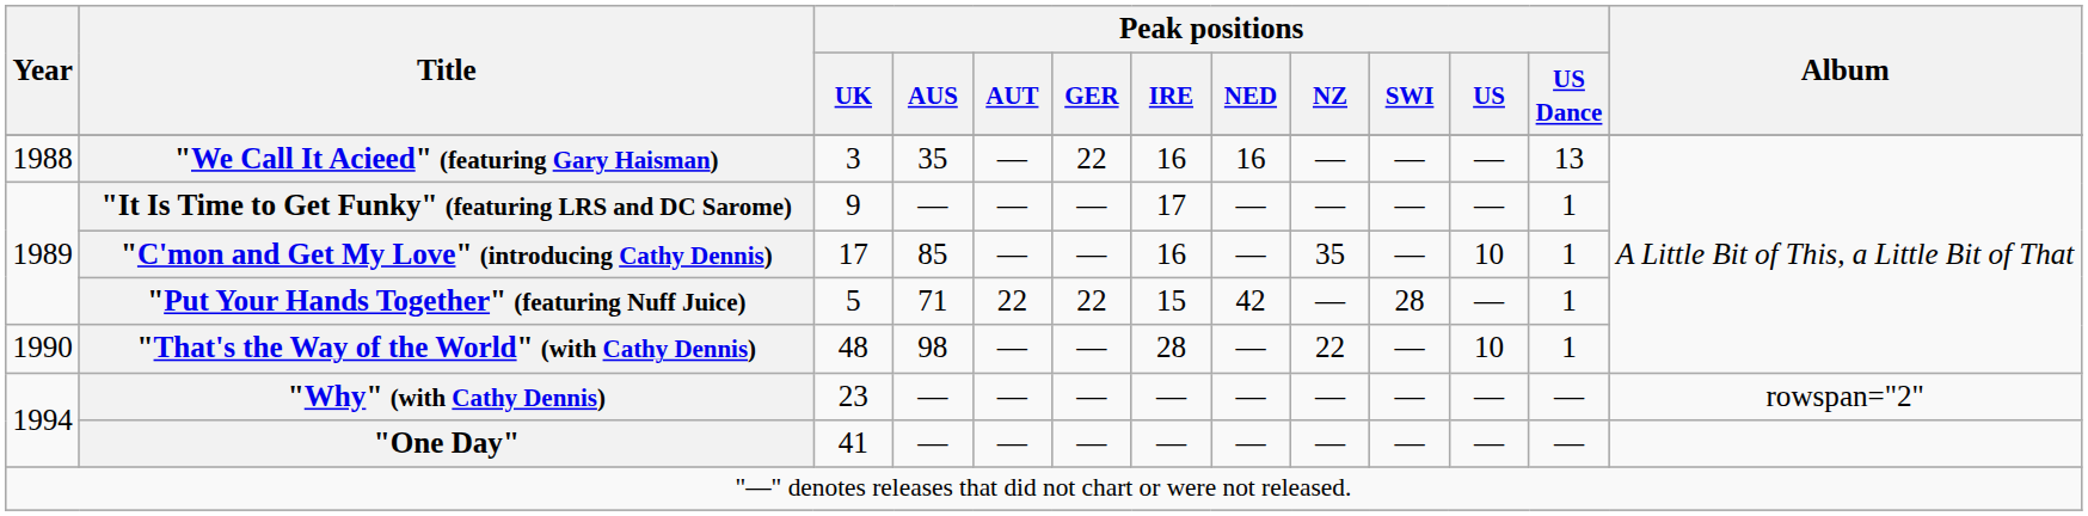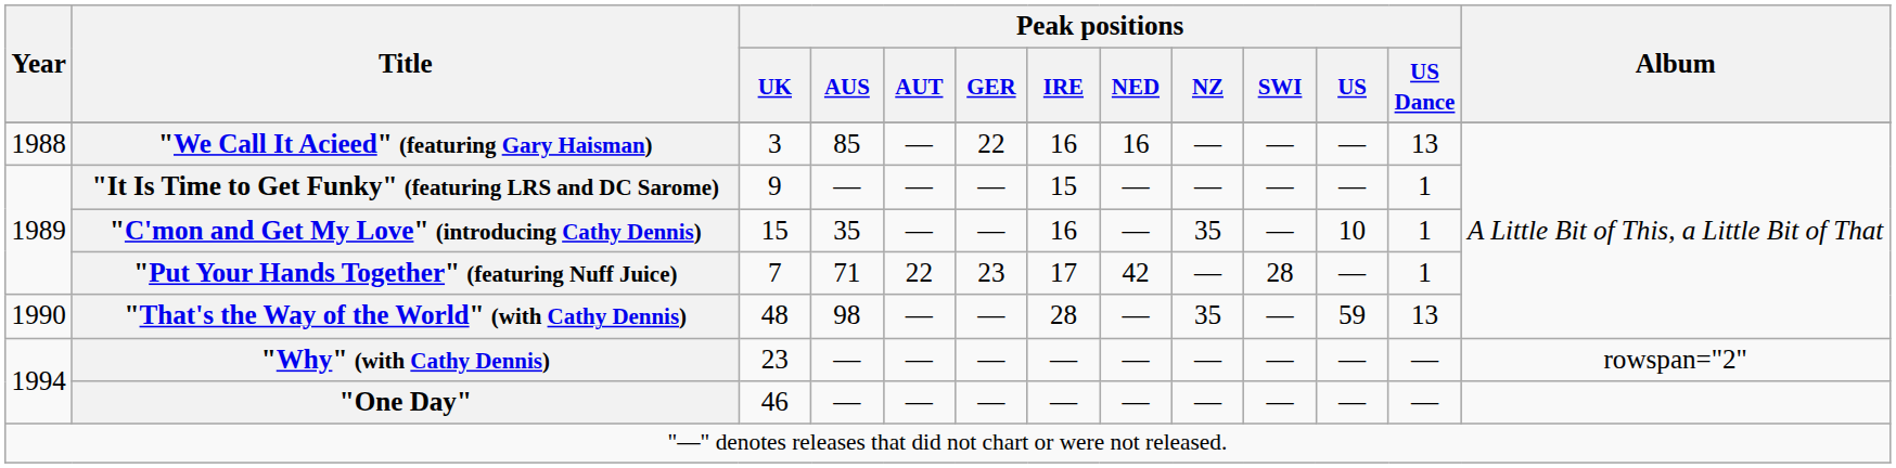 <table class="wikitable plainrowheaders" style="text-align:center;">
 <tr>
 <th scope="col" rowspan="2">Year</th>
 <th scope="col" rowspan="2" style="width:24em;">Title</th>
 <th scope="col" colspan="10">Peak positions</th>
 <th scope="col" rowspan="2">Album</th>
 </tr>
 <tr>
 <th scope="col" width="35"><small><a href='#'>UK</a></small><br></th>
 <th scope="col" width="35"><small><a href='#'>AUS</a></small><br></th>
 <th scope="col" width="35"><small><a href='#'>AUT</a></small></th>
 <th scope="col" width="35"><small><a href='#'>GER</a></small><br></th>
 <th scope="col" width="35"><small><a href='#'>IRE</a></small></th>
 <th scope="col" width="35"><small><a href='#'>NED</a></small></th>
 <th scope="col" width="35"><small><a href='#'>NZ</a></small></th>
 <th scope="col" width="35"><small><a href='#'>SWI</a></small></th>
 <th scope="col" width="35"><small><a href='#'>US</a></small><br></th>
 <th scope="col" width="35"><small><a href='#'>US Dance</a></small><br></th>
 </tr>
 <tr>
 </tr>
 <tr>
 <td rowspan="">1988</td>
 <th scope="row">"<a href='#'>We Call It Acieed</a>" <small>(featuring <a href='#'>Gary Haisman</a>)</small></th>
 <td>3</td>
-<td>35</td>
+<td>85</td>
 <td>—</td>
 <td>22</td>
 <td>16</td>
 <td>16</td>
 <td>—</td>
 <td>—</td>
 <td>—</td>
 <td>13</td>
 <td align="left" rowspan="5"><em>A Little Bit of This, a Little Bit of That</em></td>
 </tr>
 <tr>
 <td rowspan="3">1989</td>
 <th scope="row">"It Is Time to Get Funky" <small>(featuring LRS and DC Sarome)</small></th>
 <td>9</td>
 <td>—</td>
 <td>—</td>
 <td>—</td>
-<td>17</td>
+<td>15</td>
 <td>—</td>
 <td>—</td>
 <td>—</td>
 <td>—</td>
 <td>1</td>
 </tr>
 <tr>
 <th scope="row">"<a href='#'>C'mon and Get My Love</a>" <small>(introducing <a href='#'>Cathy Dennis</a>)</small></th>
-<td>17</td>
-<td>85</td>
+<td>15</td>
+<td>35</td>
 <td>—</td>
 <td>—</td>
 <td>16</td>
 <td>—</td>
 <td>35</td>
 <td>—</td>
 <td>10</td>
 <td>1</td>
 </tr>
 <tr>
 <th scope="row">"<a href='#'>Put Your Hands Together</a>" <small>(featuring Nuff Juice)</small></th>
-<td>5</td>
+<td>7</td>
 <td>71</td>
 <td>22</td>
-<td>22</td>
-<td>15</td>
+<td>23</td>
+<td>17</td>
 <td>42</td>
 <td>—</td>
 <td>28</td>
 <td>—</td>
 <td>1</td>
 </tr>
 <tr>
 <td>1990</td>
 <th scope="row">"<a href='#'>That's the Way of the World</a>" <small>(with <a href='#'>Cathy Dennis</a>)</small></th>
 <td>48</td>
 <td>98</td>
 <td>—</td>
 <td>—</td>
 <td>28</td>
 <td>—</td>
-<td>22</td>
+<td>35</td>
 <td>—</td>
-<td>10</td>
-<td>1</td>
+<td>59</td>
+<td>13</td>
 </tr>
 <tr>
 <td rowspan="2">1994</td>
 <th scope="row">"<a href='#'>Why</a>" <small>(with <a href='#'>Cathy Dennis</a>)</small></th>
 <td>23</td>
 <td>—</td>
 <td>—</td>
 <td>—</td>
 <td>—</td>
 <td>—</td>
 <td>—</td>
 <td>—</td>
 <td>—</td>
 <td>—</td>
 <td>rowspan="2" </td>
 </tr>
 <tr>
 <th scope="row">"One Day"</th>
-<td>41</td>
+<td>46</td>
 <td>—</td>
 <td>—</td>
 <td>—</td>
 <td>—</td>
 <td>—</td>
 <td>—</td>
 <td>—</td>
 <td>—</td>
 <td>—</td>
 </tr>
 <tr>
 <td colspan="13" align="center" style="font-size:85%">"—" denotes releases that did not chart or were not released.</td>
 </tr>
 </table>
